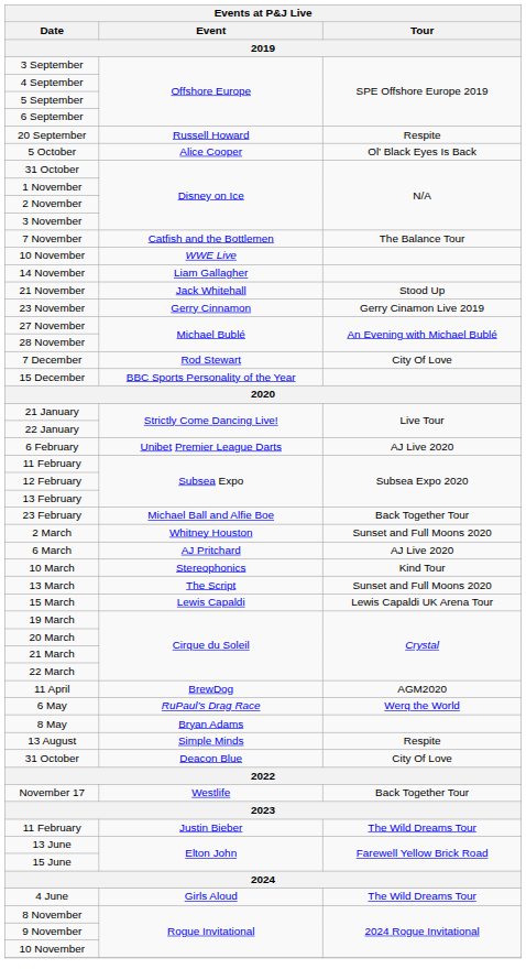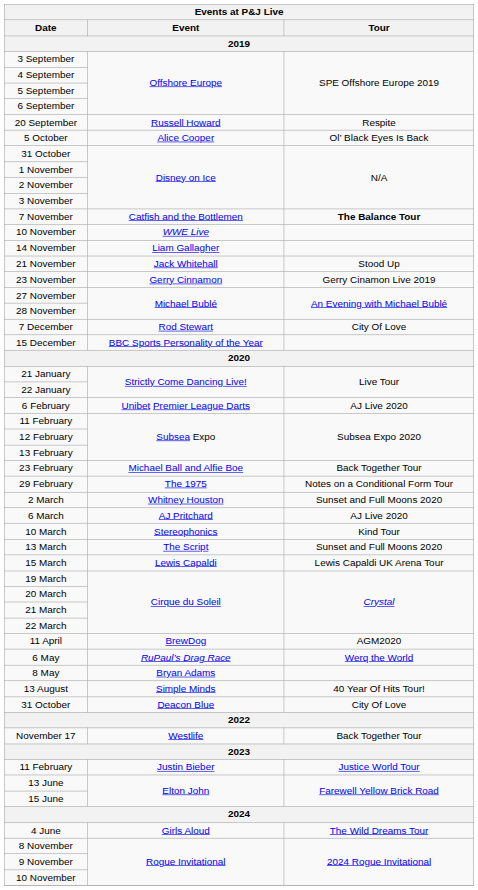 <table class="wikitable collapsible" width=60% style="text-align:center;">
 <tr>
 <th scope="col" colspan="3">Events at P&J Live</th>
 </tr>
 <tr>
 <th>Date</th>
 <th>Event</th>
 <th>Tour</th>
 </tr>
 <tr>
 <th colspan="3">2019</th>
 </tr>
 <tr>
 <td>3 September</td>
 <td rowspan="4"><a href='#'>Offshore Europe</a></td>
 <td rowspan="4">SPE Offshore Europe 2019</td>
 </tr>
 <tr>
 <td>4 September</td>
 </tr>
 <tr>
 <td>5 September</td>
 </tr>
 <tr>
 <td>6 September</td>
 </tr>
 <tr>
 <td>20 September</td>
 <td><a href='#'>Russell Howard</a></td>
 <td>Respite</td>
 </tr>
 <tr>
 <td>5 October</td>
 <td><a href='#'>Alice Cooper</a></td>
 <td>Ol’ Black Eyes Is Back</td>
 </tr>
 <tr>
 <td>31 October</td>
 <td rowspan="4"><a href='#'>Disney on Ice</a></td>
 <td rowspan="4">N/A</td>
 </tr>
 <tr>
 <td>1 November</td>
 </tr>
 <tr>
 <td>2 November</td>
 </tr>
 <tr>
 <td>3 November</td>
 </tr>
 <tr>
 <td>7 November</td>
 <td><a href='#'>Catfish and the Bottlemen</a></td>
-<td>The Balance Tour</td>
+<td><strong>The Balance Tour</strong></td>
 </tr>
 <tr>
 <td>10 November</td>
 <td><em><a href='#'>WWE Live</a></em></td>
 <td></td>
 </tr>
 <tr>
 <td>14 November</td>
 <td><a href='#'>Liam Gallagher</a></td>
 <td></td>
 </tr>
 <tr>
 <td>21 November</td>
 <td><a href='#'>Jack Whitehall</a></td>
 <td>Stood Up</td>
 </tr>
 <tr>
 <td>23 November</td>
 <td><a href='#'>Gerry Cinnamon</a></td>
 <td>Gerry Cinamon Live 2019</td>
 </tr>
 <tr>
 <td>27 November</td>
 <td rowspan="2"><a href='#'>Michael Bublé</a></td>
 <td rowspan="2"><a href='#'>An Evening with Michael Bublé</a></td>
 </tr>
 <tr>
 <td>28 November</td>
 </tr>
 <tr>
 <td>7 December</td>
 <td><a href='#'>Rod Stewart</a></td>
 <td>City Of Love</td>
 </tr>
 <tr>
 <td>15 December</td>
 <td><a href='#'>BBC Sports Personality of the Year</a></td>
 <td></td>
 </tr>
 <tr>
 <th colspan="3">2020</th>
 </tr>
 <tr>
 <td>21 January</td>
 <td rowspan="2"><a href='#'>Strictly Come Dancing Live!</a></td>
 <td rowspan="2">Live Tour</td>
 </tr>
 <tr>
 <td>22 January</td>
 </tr>
 <tr>
 <td>6 February</td>
 <td><a href='#'>Unibet</a> <a href='#'>Premier League Darts</a></td>
 <td>AJ Live 2020</td>
 </tr>
 <tr>
 <td>11 February</td>
 <td rowspan="3”"><a href='#'>Subsea</a> Expo</td>
 <td rowspan="3”">Subsea Expo 2020</td>
 </tr>
 <tr>
 <td>12 February</td>
 </tr>
 <tr>
 <td>13 February</td>
 </tr>
 <tr>
 <td>23 February</td>
 <td><a href='#'>Michael Ball and Alfie Boe</a></td>
 <td>Back Together Tour</td>
 </tr>
 <tr>
+<td>29 February</td>
+<td><a href='#'>The 1975</a></td>
+<td>Notes on a Conditional Form Tour</td>
+</tr>
+<tr>
 <td>2 March</td>
 <td><a href='#'>Whitney Houston</a></td>
 <td>Sunset and Full Moons 2020</td>
 </tr>
 <tr>
 <td>6 March</td>
 <td><a href='#'>AJ Pritchard</a></td>
 <td>AJ Live 2020</td>
 </tr>
 <tr>
 <td>10 March</td>
 <td><a href='#'>Stereophonics</a></td>
 <td>Kind Tour</td>
 </tr>
 <tr>
 <td>13 March</td>
 <td><a href='#'>The Script</a></td>
 <td>Sunset and Full Moons 2020</td>
 </tr>
 <tr>
 <td>15 March</td>
 <td><a href='#'>Lewis Capaldi</a></td>
 <td>Lewis Capaldi UK Arena Tour</td>
 </tr>
 <tr>
 <td>19 March</td>
 <td rowspan="4"><a href='#'>Cirque du Soleil</a></td>
 <td rowspan="4"><em><a href='#'>Crystal</a></em></td>
 </tr>
 <tr>
 <td>20 March</td>
 </tr>
 <tr>
 <td>21 March</td>
 </tr>
 <tr>
 <td>22 March</td>
 </tr>
 <tr>
 <td>11 April</td>
 <td><a href='#'>BrewDog</a></td>
 <td>AGM2020</td>
 </tr>
 <tr>
 <td>6 May</td>
 <td><em><a href='#'>RuPaul’s Drag Race</a></em></td>
 <td><a href='#'>Werq the World</a></td>
 </tr>
 <tr>
 <td>8 May</td>
 <td><a href='#'>Bryan Adams</a></td>
 <td></td>
 </tr>
 <tr>
 <td>13 August</td>
 <td><a href='#'>Simple Minds</a></td>
-<td>Respite</td>
+<td>40 Year Of Hits Tour!</td>
 </tr>
 <tr>
 <td>31 October</td>
 <td><a href='#'>Deacon Blue</a></td>
 <td>City Of Love</td>
 </tr>
 <tr>
 <th colspan="3">2022</th>
 </tr>
 <tr>
 <td>November 17</td>
 <td><a href='#'>Westlife</a></td>
 <td>Back Together Tour</td>
 </tr>
 <tr>
 <th colspan="3">2023</th>
 </tr>
 <tr>
 <td>11 February</td>
 <td><a href='#'>Justin Bieber</a></td>
-<td><a href='#'>The Wild Dreams Tour</a></td>
+<td><a href='#'>Justice World Tour</a></td>
 </tr>
 <tr>
 <td>13 June</td>
 <td rowspan="2"><a href='#'>Elton John</a></td>
 <td rowspan="2"><a href='#'>Farewell Yellow Brick Road</a></td>
 </tr>
 <tr>
 <td>15 June</td>
 </tr>
 <tr>
 <th colspan="3">2024</th>
 </tr>
 <tr>
 <td>4 June</td>
 <td><a href='#'>Girls Aloud</a></td>
 <td><a href='#'>The Wild Dreams Tour</a></td>
 </tr>
 <tr>
 <td>8 November</td>
 <td rowspan="3"><a href='#'>Rogue Invitational</a></td>
 <td rowspan="3"><a href='#'>2024 Rogue Invitational</a></td>
 </tr>
 <tr>
 <td>9 November</td>
 </tr>
 <tr>
 <td>10 November</td>
 </tr>
 <tr>
 </tr>
 </table>
